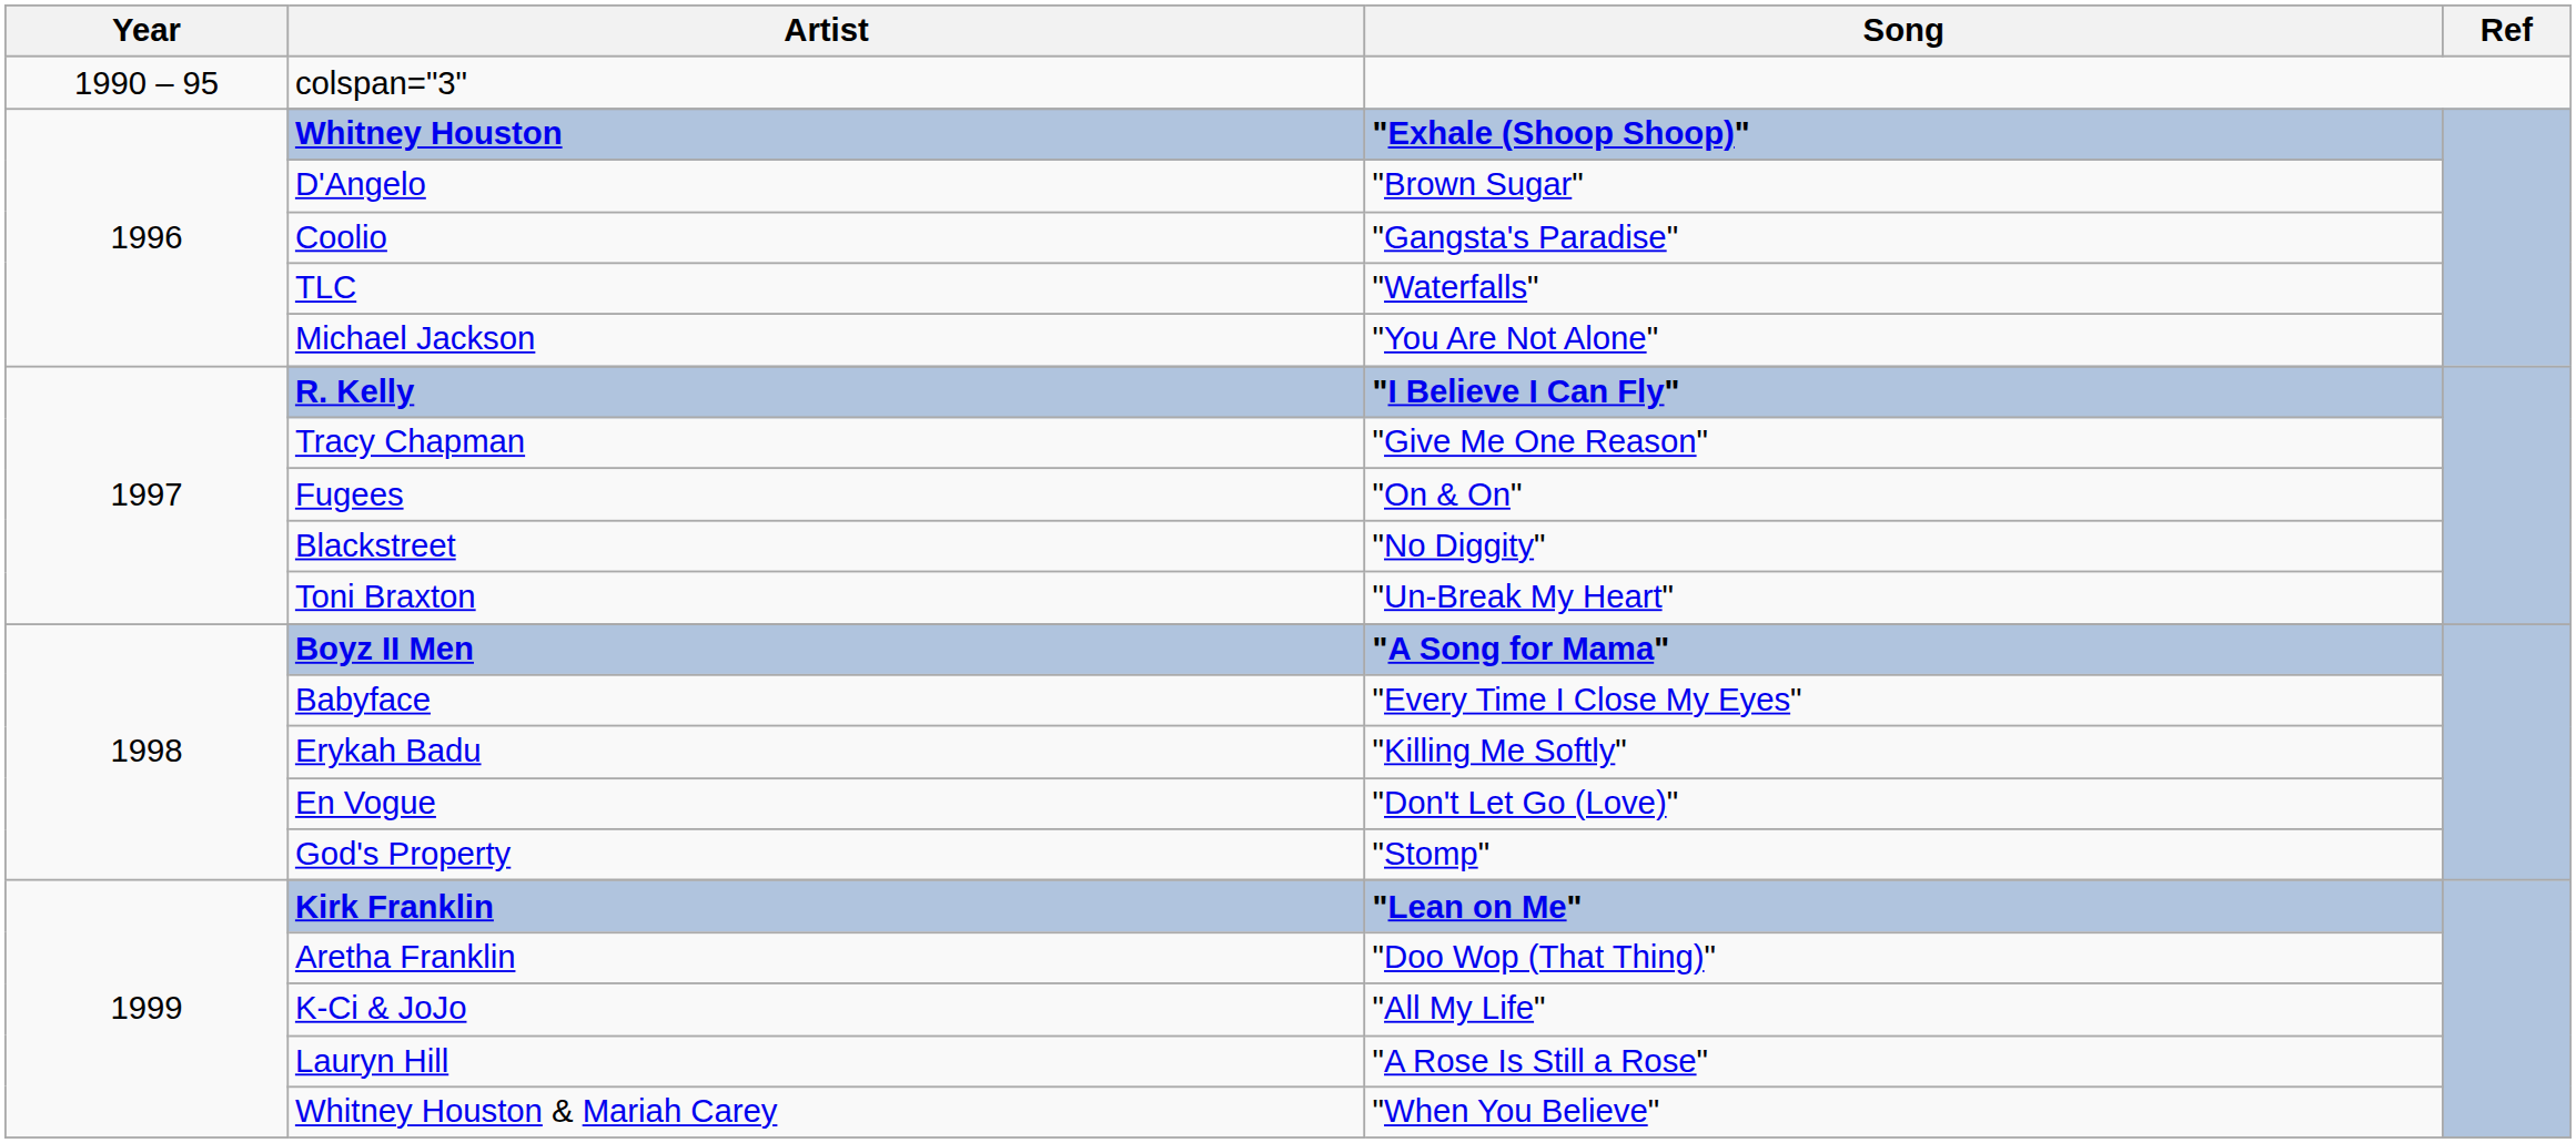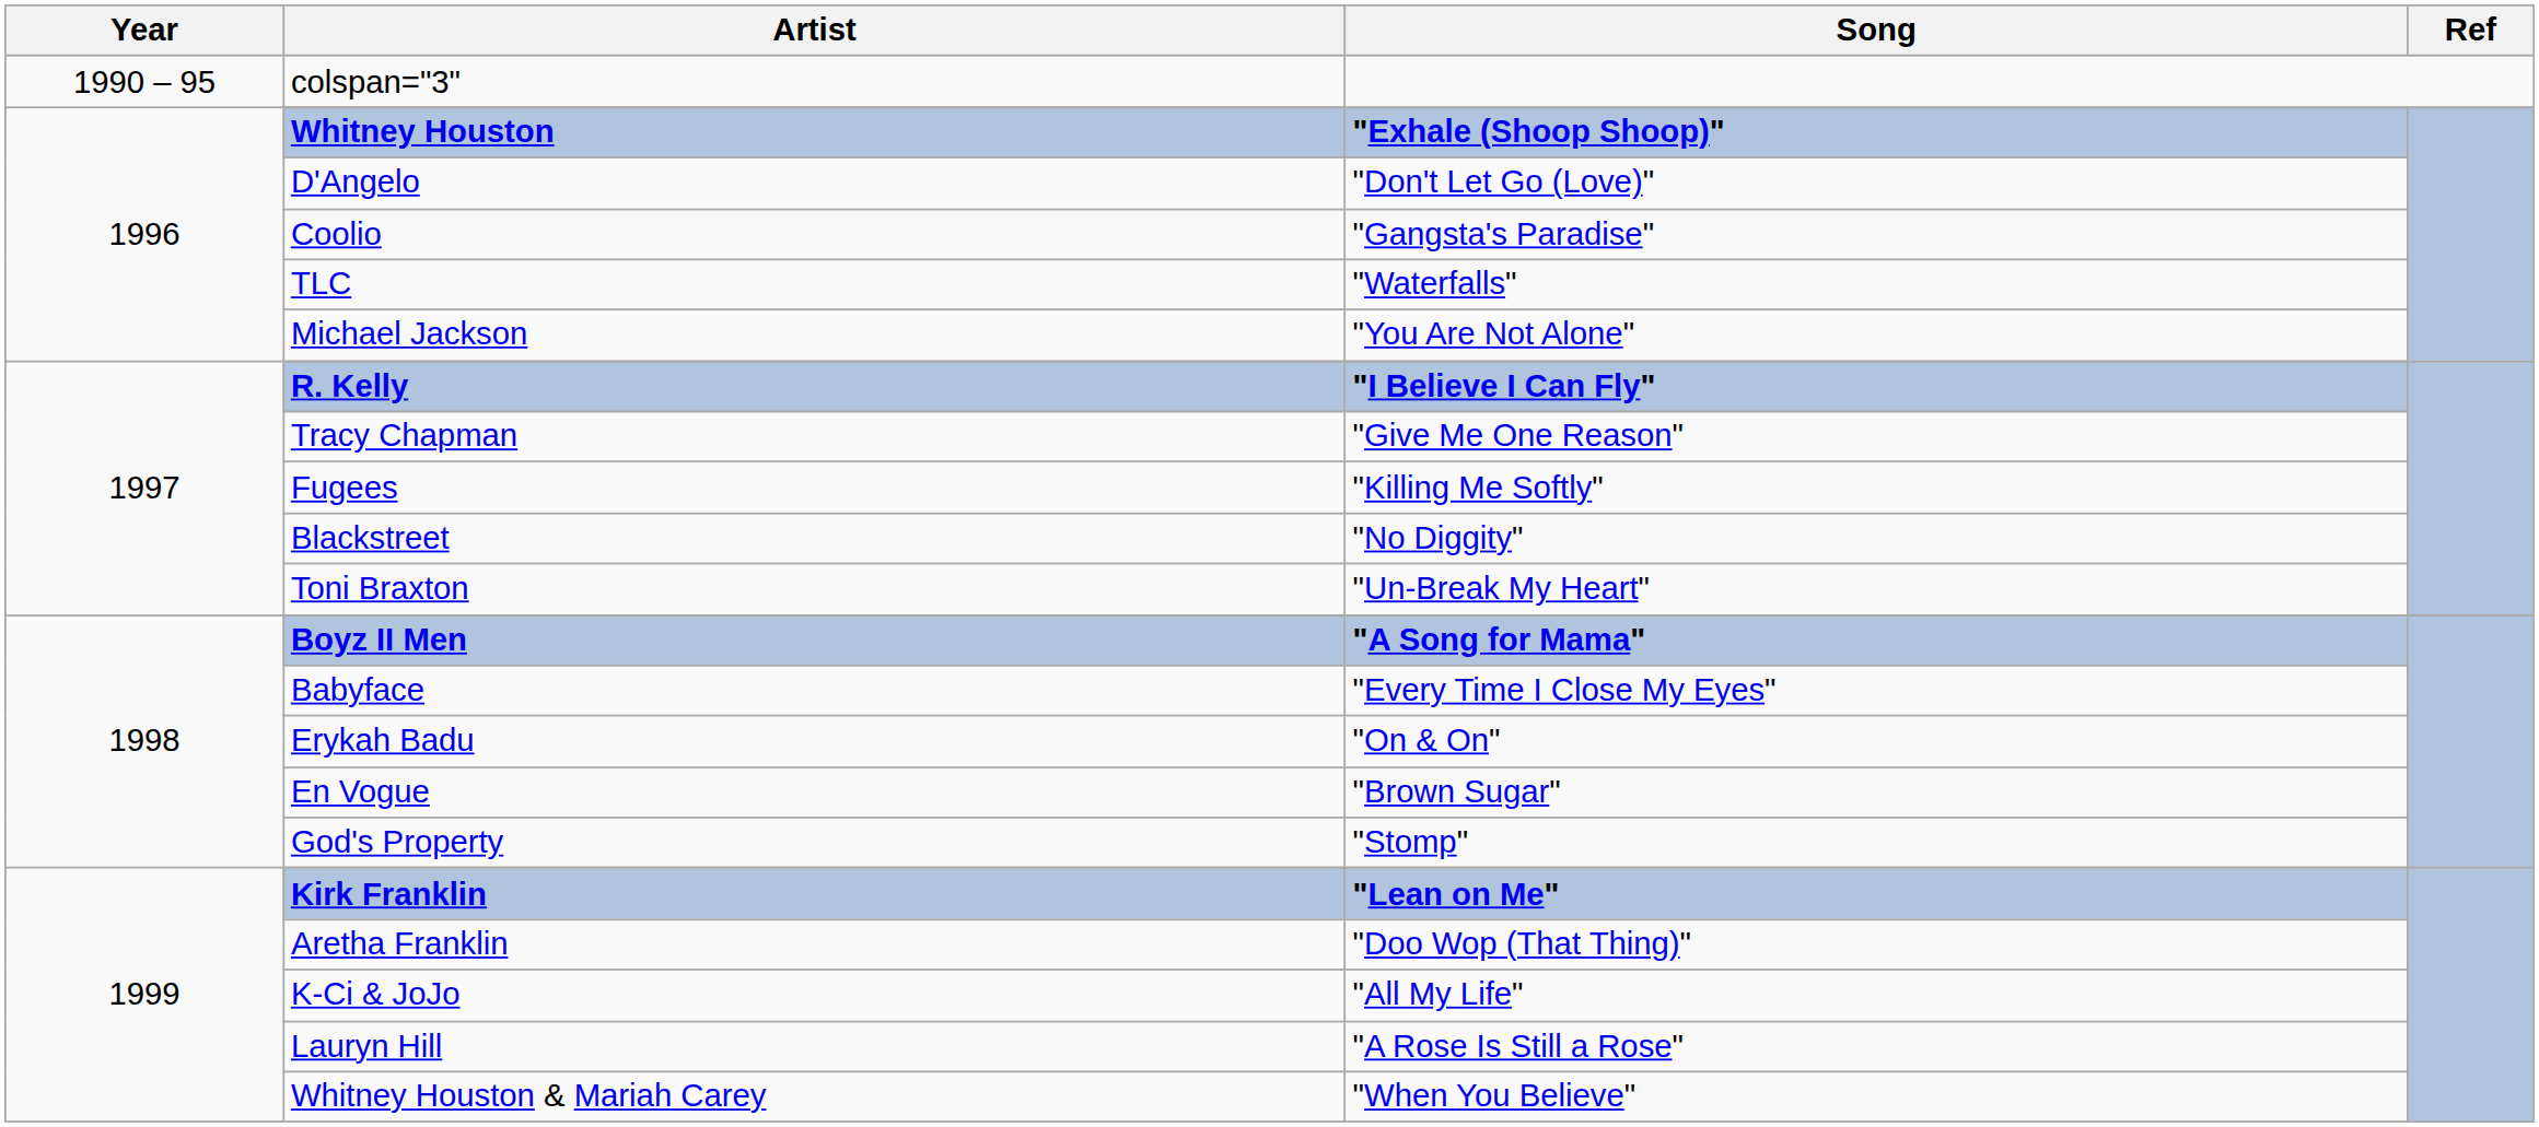 <table class="wikitable" style="width:100%;">
 <tr style="background:#bebebe;">
 <th style="width:11%;">Year</th>
 <th style="width:42%;">Artist</th>
 <th style="width:42%;">Song</th>
 <th style="width:5%;">Ref</th>
 </tr>
 <tr>
 <td align="center">1990 – 95</td>
 <td>colspan="3" </td>
 </tr>
 <tr>
 <td rowspan="6" align="center">1996</td>
 </tr>
 <tr style="background:#B0C4DE">
 <td><strong><a href='#'>Whitney Houston</a></strong></td>
 <td><strong>"<a href='#'>Exhale (Shoop Shoop)</a>"</strong></td>
 <td rowspan="6" align="center"></td>
 </tr>
 <tr>
 <td><a href='#'>D'Angelo</a></td>
-<td>"<a href='#'>Brown Sugar</a>"</td>
+<td>"<a href='#'>Don't Let Go (Love)</a>"</td>
 </tr>
 <tr>
 <td><a href='#'>Coolio</a> </td>
 <td>"<a href='#'>Gangsta's Paradise</a>"</td>
 </tr>
 <tr>
 <td><a href='#'>TLC</a></td>
 <td>"<a href='#'>Waterfalls</a>"</td>
 </tr>
 <tr>
 <td><a href='#'>Michael Jackson</a></td>
 <td>"<a href='#'>You Are Not Alone</a>"</td>
 </tr>
 <tr>
 <td rowspan="6" align="center">1997</td>
 </tr>
 <tr style="background:#B0C4DE">
 <td><strong><a href='#'>R. Kelly</a></strong></td>
 <td><strong>"<a href='#'>I Believe I Can Fly</a>"</strong></td>
 <td rowspan="6" align="center"></td>
 </tr>
 <tr>
 <td><a href='#'>Tracy Chapman</a></td>
 <td>"<a href='#'>Give Me One Reason</a>"</td>
 </tr>
 <tr>
 <td><a href='#'>Fugees</a></td>
-<td>"<a href='#'>On & On</a>"</td>
+<td>"<a href='#'>Killing Me Softly</a>"</td>
 </tr>
 <tr>
 <td><a href='#'>Blackstreet</a> </td>
 <td>"<a href='#'>No Diggity</a>"</td>
 </tr>
 <tr>
 <td><a href='#'>Toni Braxton</a></td>
 <td>"<a href='#'>Un-Break My Heart</a>"</td>
 </tr>
 <tr>
 <td rowspan="6" align="center">1998</td>
 </tr>
 <tr style="background:#B0C4DE">
 <td><strong><a href='#'>Boyz II Men</a></strong></td>
 <td><strong>"<a href='#'>A Song for Mama</a>"</strong></td>
 <td rowspan="6" align="center"></td>
 </tr>
 <tr>
 <td><a href='#'>Babyface</a></td>
 <td>"<a href='#'>Every Time I Close My Eyes</a>"</td>
 </tr>
 <tr>
 <td><a href='#'>Erykah Badu</a></td>
-<td>"<a href='#'>Killing Me Softly</a>"</td>
+<td>"<a href='#'>On & On</a>"</td>
 </tr>
 <tr>
 <td><a href='#'>En Vogue</a></td>
-<td>"<a href='#'>Don't Let Go (Love)</a>"</td>
+<td>"<a href='#'>Brown Sugar</a>"</td>
 </tr>
 <tr>
 <td><a href='#'>God's Property</a> </td>
 <td>"<a href='#'>Stomp</a>"</td>
 </tr>
 <tr>
 <td rowspan="6" align="center">1999</td>
 </tr>
 <tr style="background:#B0C4DE">
 <td><strong><a href='#'>Kirk Franklin</a></strong></td>
 <td><strong>"<a href='#'>Lean on Me</a>"</strong></td>
 <td rowspan="6" align="center"></td>
 </tr>
 <tr>
 <td><a href='#'>Aretha Franklin</a></td>
 <td>"<a href='#'>Doo Wop (That Thing)</a>"</td>
 </tr>
 <tr>
 <td><a href='#'>K-Ci & JoJo</a></td>
 <td>"<a href='#'>All My Life</a>"</td>
 </tr>
 <tr>
 <td><a href='#'>Lauryn Hill</a></td>
 <td>"<a href='#'>A Rose Is Still a Rose</a>"</td>
 </tr>
 <tr>
 <td><a href='#'>Whitney Houston</a> & <a href='#'>Mariah Carey</a></td>
 <td>"<a href='#'>When You Believe</a>"</td>
 </tr>
 </table>
